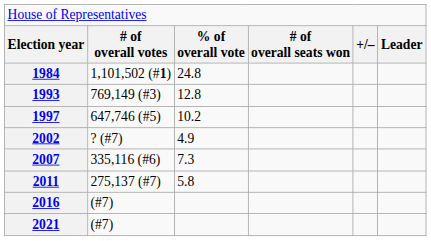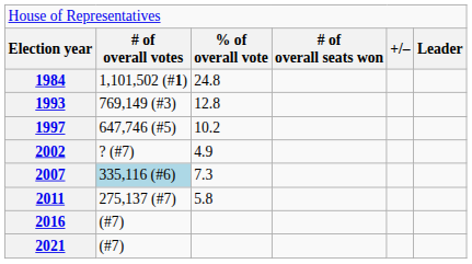 <table class=wikitable>
 <tr>
 <td colspan=7><a href='#'>House of Representatives</a></td>
 </tr>
 <tr>
 <th>Election year</th>
 <th># of<br>overall votes</th>
 <th>% of<br>overall vote</th>
 <th># of<br>overall seats won</th>
 <th>+/–</th>
 <th>Leader</th>
 </tr>
 <tr>
 <th><a href='#'>1984</a></th>
 <td>1,101,502 (#<strong>1</strong>)</td>
 <td>24.8</td>
 <td></td>
 <td></td>
 <td></td>
 </tr>
 <tr>
 <th><a href='#'>1993</a></th>
 <td>769,149 (#3)</td>
 <td>12.8</td>
 <td></td>
 <td></td>
 <td></td>
 </tr>
 <tr>
 <th><a href='#'>1997</a></th>
 <td>647,746 (#5)</td>
 <td>10.2</td>
 <td></td>
 <td></td>
 <td></td>
 </tr>
 <tr>
 <th><a href='#'>2002</a></th>
 <td>? (#7)</td>
 <td>4.9</td>
 <td></td>
 <td></td>
 <td></td>
 </tr>
 <tr>
 <th><a href='#'>2007</a></th>
-<td>335,116 (#6)</td>
+<td style="background: lightblue;">335,116 (#6)</td>
 <td>7.3</td>
 <td></td>
 <td></td>
 <td></td>
 </tr>
 <tr>
 <th><a href='#'>2011</a></th>
 <td>275,137 (#7)</td>
 <td>5.8</td>
 <td></td>
 <td></td>
 <td></td>
 </tr>
 <tr>
 <th><a href='#'>2016</a></th>
 <td>(#7)</td>
 <td></td>
 <td></td>
 <td></td>
 <td></td>
 </tr>
 <tr>
 <th><a href='#'>2021</a></th>
 <td>(#7)</td>
 <td></td>
 <td></td>
 <td></td>
 <td></td>
 </tr>
 </table>
